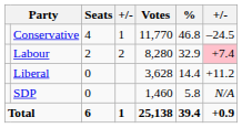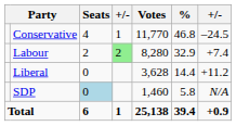 <table class="wikitable sortable">
 <tr>
 <th colspan="2">Party</th>
 <th>Seats</th>
 <th>+/-</th>
 <th>Votes</th>
 <th>%</th>
 <th>+/-</th>
 </tr>
 <tr>
 <td style="background-color: "></td>
 <td><a href='#'>Conservative</a></td>
 <td>4</td>
 <td> 1</td>
 <td style="text-align:right;">11,770</td>
 <td style="text-align:right;">46.8</td>
 <td style="text-align:right;">–24.5</td>
 </tr>
 <tr>
 <td style="background-color: "></td>
 <td><a href='#'>Labour</a></td>
 <td>2</td>
-<td> 2</td>
+<td style="background: lightgreen;"> 2</td>
 <td style="text-align:right;">8,280</td>
 <td style="text-align:right;">32.9</td>
-<td style="background: pink; text-align:right;">+7.4</td>
+<td style="text-align:right;">+7.4</td>
 </tr>
 <tr>
 <td style="background-color: "></td>
 <td><a href='#'>Liberal</a></td>
 <td>0</td>
 <td></td>
 <td style="text-align:right;">3,628</td>
 <td style="text-align:right;">14.4</td>
 <td style="text-align:right;">+11.2</td>
 </tr>
 <tr>
 <td style="background-color: "></td>
 <td><a href='#'>SDP</a></td>
-<td>0</td>
+<td style="background: lightblue;">0</td>
 <td></td>
 <td style="text-align:right;">1,460</td>
 <td style="text-align:right;">5.8</td>
 <td style="text-align:right;"><em>N/A</em></td>
 </tr>
 <tr>
 <td colspan="2"><strong>Total</strong></td>
 <td><strong>6</strong></td>
 <td> <strong>1</strong></td>
 <td style="text-align:right;"><strong>25,138</strong></td>
 <td style="text-align:right;"><strong>39.4</strong></td>
 <td style="text-align:right;"><strong>+0.9</strong></td>
 </tr>
 </table>
